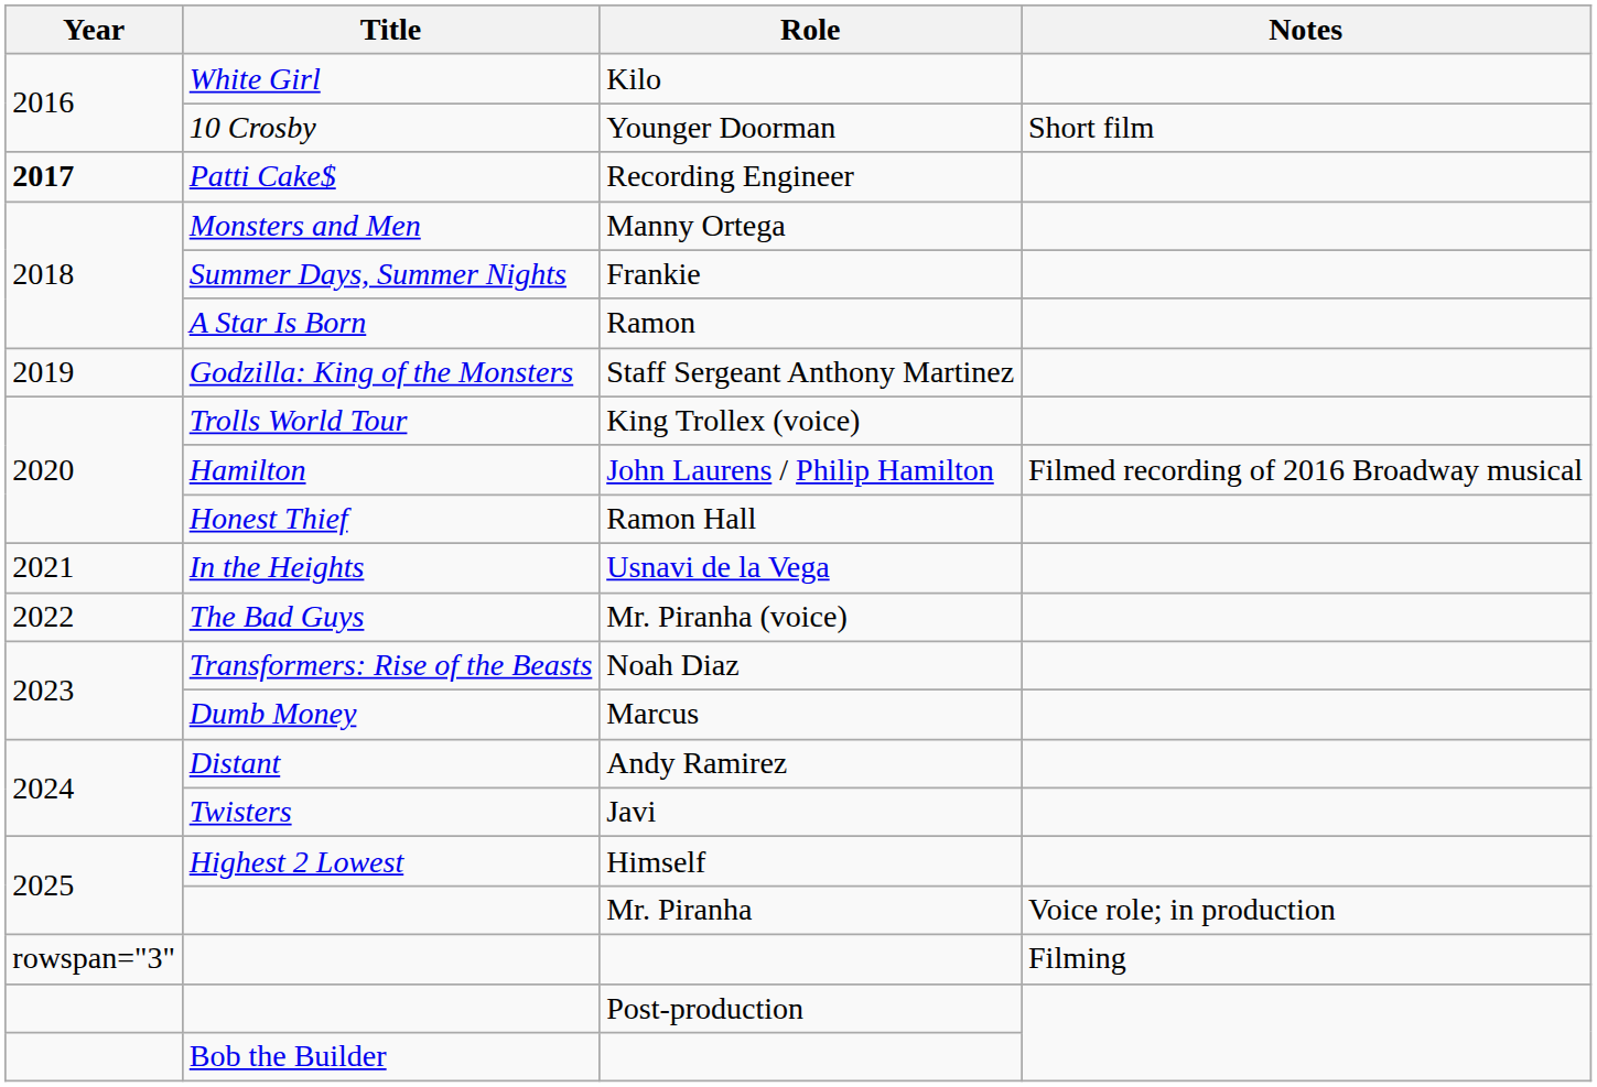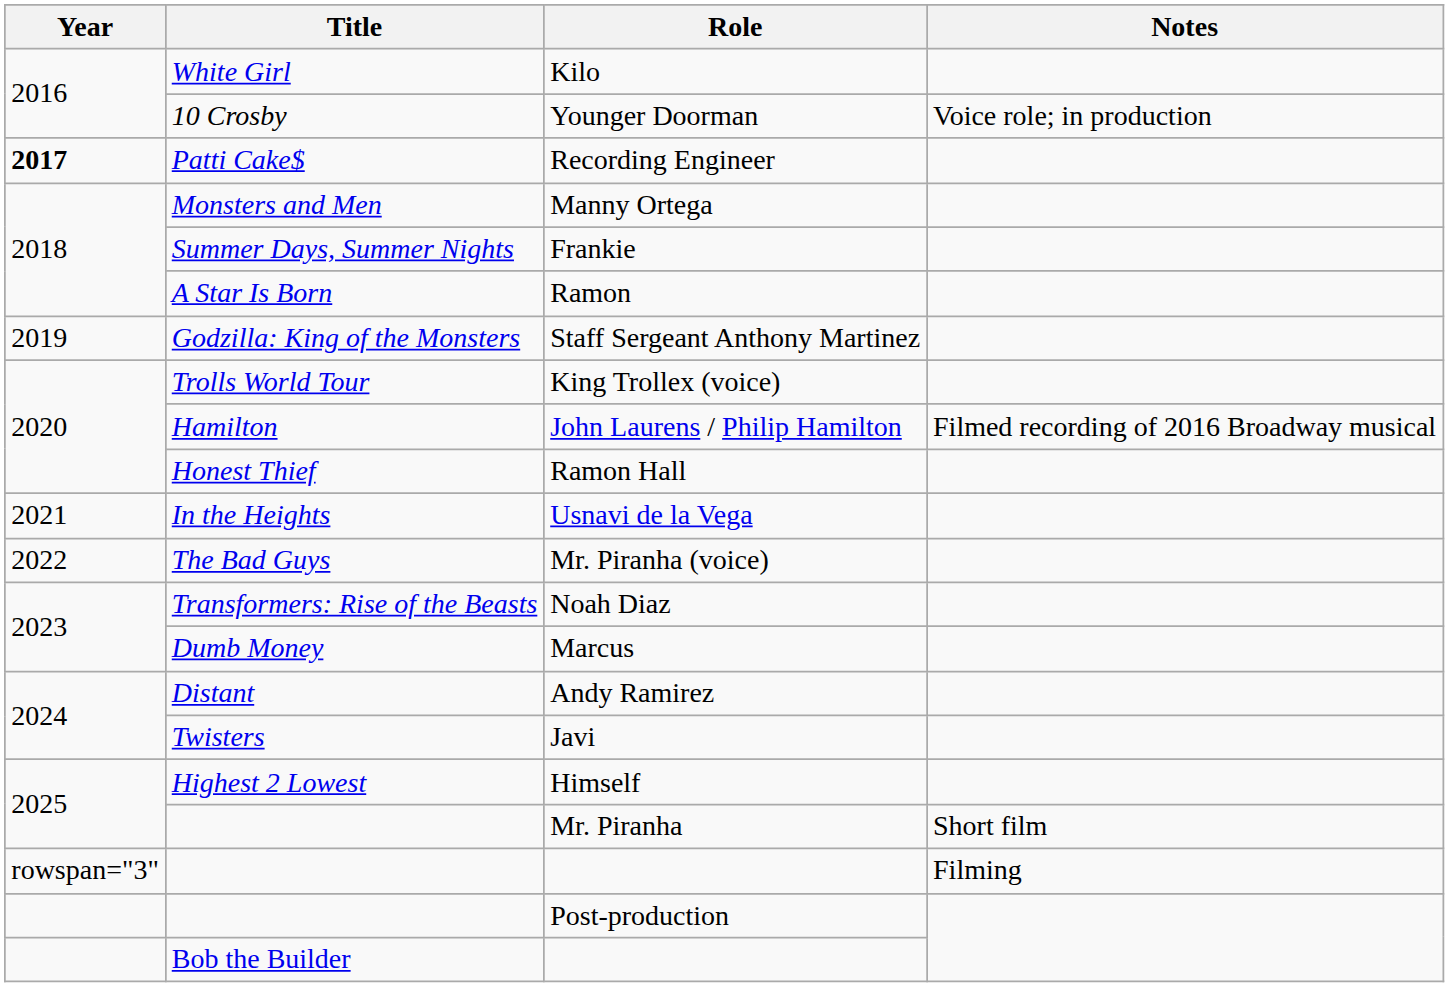 <table class="wikitable sortable">
 <tr>
 <th>Year</th>
 <th>Title</th>
 <th>Role</th>
 <th class="unsortable">Notes</th>
 </tr>
 <tr>
 <td rowspan="2">2016</td>
 <td><em><a href='#'>White Girl</a></em></td>
 <td>Kilo</td>
 <td></td>
 </tr>
 <tr>
 <td><em>10 Crosby</em></td>
 <td>Younger Doorman</td>
-<td>Short film</td>
+<td rowspan="1">Voice role; in production</td>
 </tr>
 <tr>
 <td><strong>2017</strong></td>
 <td><em><a href='#'>Patti Cake$</a></em></td>
 <td>Recording Engineer</td>
 <td></td>
 </tr>
 <tr>
 <td rowspan="3">2018</td>
 <td><em><a href='#'>Monsters and Men</a></em></td>
 <td>Manny Ortega</td>
 <td></td>
 </tr>
 <tr>
 <td><em><a href='#'>Summer Days, Summer Nights</a></em></td>
 <td>Frankie</td>
 <td></td>
 </tr>
 <tr>
 <td><em><a href='#'>A Star Is Born</a></em></td>
 <td>Ramon</td>
 <td></td>
 </tr>
 <tr>
 <td>2019</td>
 <td><em><a href='#'>Godzilla: King of the Monsters</a></em></td>
 <td>Staff Sergeant Anthony Martinez</td>
 <td></td>
 </tr>
 <tr>
 <td rowspan="3">2020</td>
 <td><em><a href='#'>Trolls World Tour</a></em></td>
 <td>King Trollex (voice)</td>
 <td></td>
 </tr>
 <tr>
 <td><em><a href='#'>Hamilton</a></em></td>
 <td><a href='#'>John Laurens</a> / <a href='#'>Philip Hamilton</a></td>
 <td>Filmed recording of 2016 Broadway musical</td>
 </tr>
 <tr>
 <td><em><a href='#'>Honest Thief</a></em></td>
 <td>Ramon Hall</td>
 <td></td>
 </tr>
 <tr>
 <td>2021</td>
 <td><em><a href='#'>In the Heights</a></em></td>
 <td><a href='#'>Usnavi de la Vega</a></td>
 <td></td>
 </tr>
 <tr>
 <td>2022</td>
 <td><em><a href='#'>The Bad Guys</a></em></td>
 <td>Mr. Piranha (voice)</td>
 <td></td>
 </tr>
 <tr>
 <td rowspan="2">2023</td>
 <td><em><a href='#'>Transformers: Rise of the Beasts</a></em></td>
 <td>Noah Diaz</td>
 <td></td>
 </tr>
 <tr>
 <td><em><a href='#'>Dumb Money</a></em></td>
 <td>Marcus</td>
 <td></td>
 </tr>
 <tr>
 <td rowspan="2">2024</td>
 <td><em><a href='#'>Distant</a></em></td>
 <td>Andy Ramirez</td>
 <td></td>
 </tr>
 <tr>
 <td><em><a href='#'>Twisters</a></em></td>
 <td>Javi</td>
 <td></td>
 </tr>
 <tr>
 <td rowspan="2">2025</td>
 <td><a href='#'><em>Highest 2 Lowest</em></a></td>
 <td>Himself</td>
 <td></td>
 </tr>
 <tr>
 <td></td>
 <td>Mr. Piranha</td>
-<td rowspan="1">Voice role; in production</td>
+<td>Short film</td>
 </tr>
 <tr>
 <td>rowspan="3" </td>
 <td></td>
 <td></td>
 <td>Filming</td>
 </tr>
 <tr>
 <td></td>
 <td></td>
 <td>Post-production</td>
 </tr>
 <tr>
 <td></td>
 <td><a href='#'>Bob the Builder</a></td>
 <td></td>
 </tr>
 </table>
